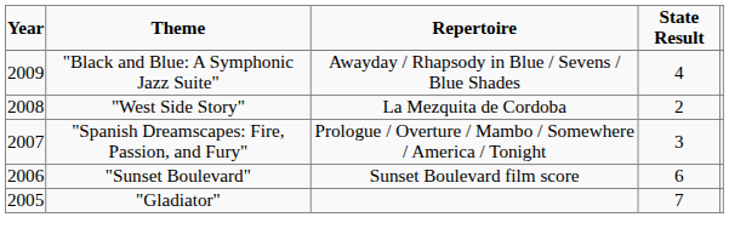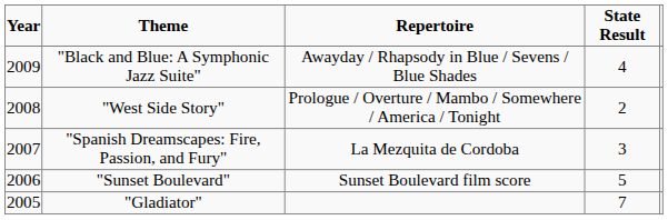 <table border = "1" style = "text-align: center; border-collapse: collapse; background: #f9f9f9; font: 90%">
 <tr>
 <th>Year</th>
 <th>Theme</th>
 <th>Repertoire</th>
 <th>State Result</th>
 <th></th>
 </tr>
 <tr>
 </tr>
 <tr 2010|| "Chick Corea: The Romantic Warrior" ||  || 6 ||>
 </tr>
 <tr>
 <td>2009</td>
 <td>"Black and Blue: A Symphonic Jazz Suite"</td>
 <td>Awayday / Rhapsody in Blue / Sevens / Blue Shades</td>
 <td>4</td>
 <td></td>
 </tr>
 <tr>
 <td>2008</td>
 <td>"West Side Story"</td>
-<td>La Mezquita de Cordoba</td>
+<td>Prologue / Overture / Mambo / Somewhere / America / Tonight</td>
 <td>2</td>
 <td></td>
 </tr>
 <tr>
 <td>2007</td>
 <td>"Spanish Dreamscapes: Fire, Passion, and Fury"</td>
-<td>Prologue / Overture / Mambo / Somewhere / America / Tonight</td>
+<td>La Mezquita de Cordoba</td>
 <td>3</td>
 <td></td>
 </tr>
 <tr>
 <td>2006</td>
 <td>"Sunset Boulevard"</td>
 <td>Sunset Boulevard film score</td>
-<td>6</td>
+<td>5</td>
 <td></td>
 </tr>
 <tr>
 <td>2005</td>
 <td>"Gladiator"</td>
 <td></td>
 <td>7</td>
 <td></td>
 </tr>
 </table>
